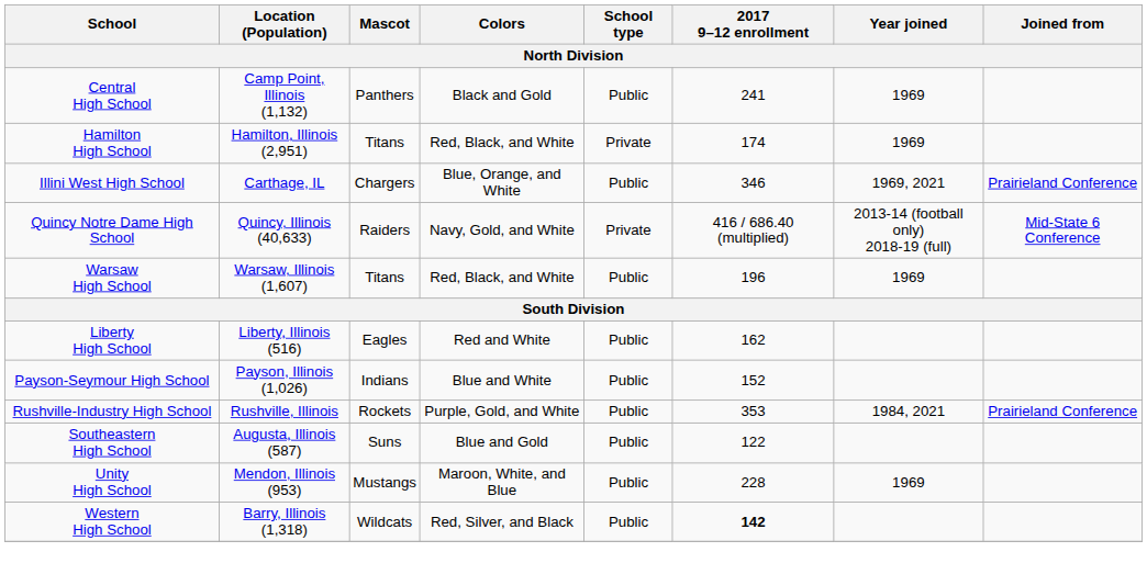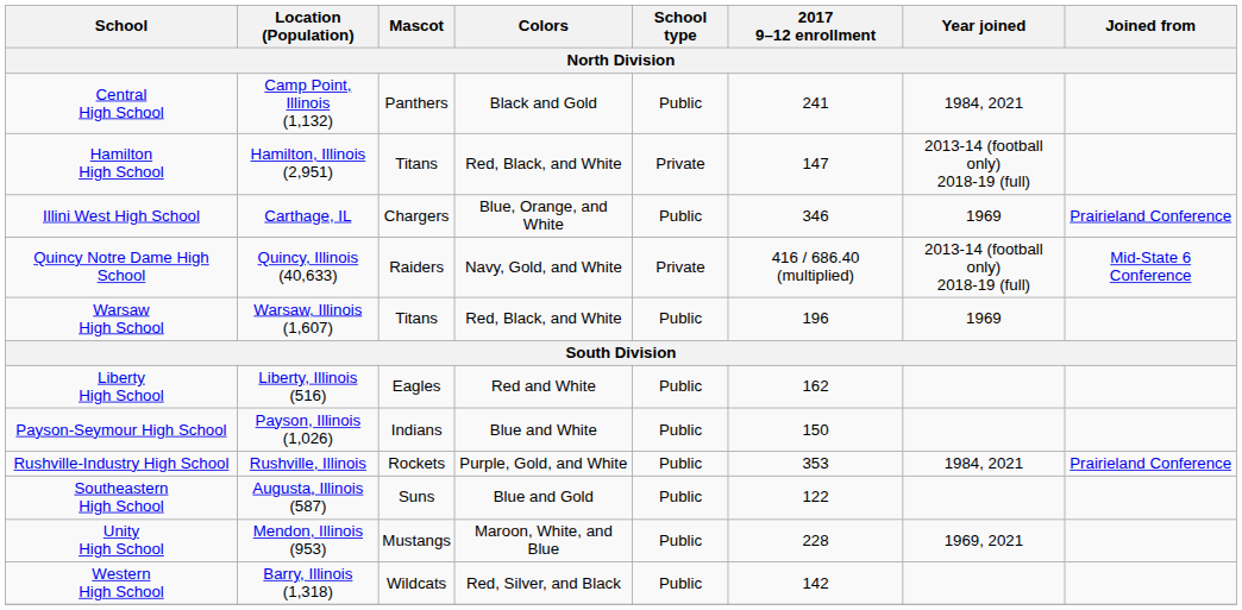 <table class="wikitable sortable" style="text-align:center;">
 <tr>
 <th>School</th>
 <th>Location<br>(Population)</th>
 <th>Mascot</th>
 <th>Colors</th>
 <th>School type</th>
 <th>2017<br>9–12 enrollment</th>
 <th>Year joined</th>
 <th>Joined from</th>
 </tr>
 <tr>
 <th colspan=11>North Division</th>
 </tr>
 <tr>
 <td><a href='#'>Central<br>High School</a></td>
 <td><a href='#'>Camp Point, Illinois</a><br>(1,132)</td>
 <td>Panthers</td>
 <td>Black and Gold<br> </td>
 <td>Public</td>
 <td>241</td>
-<td>1969</td>
+<td>1984, 2021</td>
 <td></td>
 </tr>
 <tr>
 <td><a href='#'>Hamilton<br>High School</a></td>
 <td><a href='#'>Hamilton, Illinois</a><br>(2,951)</td>
 <td>Titans</td>
 <td>Red, Black, and White<br>  </td>
 <td>Private</td>
-<td>174</td>
-<td>1969</td>
+<td>147</td>
+<td>2013-14 (football only)<br>2018-19 (full)</td>
 <td></td>
 </tr>
 <tr>
 <td><a href='#'>Illini West High School</a></td>
 <td><a href='#'>Carthage, IL</a></td>
 <td>Chargers</td>
 <td>Blue, Orange, and White<br>  </td>
 <td>Public</td>
 <td>346</td>
-<td>1969, 2021</td>
+<td>1969</td>
 <td><a href='#'>Prairieland Conference</a></td>
 </tr>
 <tr>
 <td><a href='#'>Quincy Notre Dame High School</a></td>
 <td><a href='#'>Quincy, Illinois</a><br>(40,633)</td>
 <td>Raiders</td>
 <td>Navy, Gold, and White<br>  </td>
 <td>Private</td>
 <td>416 / 686.40 (multiplied)</td>
 <td>2013-14 (football only)<br>2018-19 (full)</td>
 <td><a href='#'>Mid-State 6 Conference</a></td>
 </tr>
 <tr>
 <td><a href='#'>Warsaw<br>High School</a></td>
 <td><a href='#'>Warsaw, Illinois</a><br>(1,607)</td>
 <td>Titans</td>
 <td>Red, Black, and White<br>  </td>
 <td>Public</td>
 <td>196</td>
 <td>1969</td>
 <td></td>
 </tr>
 <tr>
 <th colspan=11>South Division</th>
 </tr>
 <tr>
 <td><a href='#'>Liberty<br>High School</a></td>
 <td><a href='#'>Liberty, Illinois</a><br>(516)</td>
 <td>Eagles</td>
 <td>Red and White<br> </td>
 <td>Public</td>
 <td>162</td>
 <td></td>
 <td></td>
 </tr>
 <tr>
 <td><a href='#'>Payson-Seymour High School</a></td>
 <td><a href='#'>Payson, Illinois</a><br>(1,026)</td>
 <td>Indians</td>
 <td>Blue and White<br> </td>
 <td>Public</td>
-<td>152</td>
+<td>150</td>
 <td></td>
 <td></td>
 </tr>
 <tr>
 <td><a href='#'>Rushville-Industry High School</a></td>
 <td><a href='#'>Rushville, Illinois</a></td>
 <td>Rockets</td>
 <td>Purple, Gold, and White<br>  </td>
 <td>Public</td>
 <td>353</td>
 <td>1984, 2021</td>
 <td><a href='#'>Prairieland Conference</a></td>
 </tr>
 <tr>
 <td><a href='#'>Southeastern<br>High School</a></td>
 <td><a href='#'>Augusta, Illinois</a><br>(587)</td>
 <td>Suns</td>
 <td>Blue and Gold<br> </td>
 <td>Public</td>
 <td>122</td>
 <td></td>
 <td></td>
 </tr>
 <tr>
 <td><a href='#'>Unity<br>High School</a></td>
 <td><a href='#'>Mendon, Illinois</a><br>(953)</td>
 <td>Mustangs</td>
 <td>Maroon, White, and Blue<br>  </td>
 <td>Public</td>
 <td>228</td>
-<td>1969</td>
+<td>1969, 2021</td>
 <td></td>
 </tr>
 <tr>
 <td><a href='#'>Western<br>High School</a></td>
 <td><a href='#'>Barry, Illinois</a><br>(1,318)</td>
 <td>Wildcats</td>
 <td>Red, Silver, and Black<br>  </td>
 <td>Public</td>
-<td><strong>142</strong></td>
+<td>142</td>
 <td></td>
 <td></td>
 </tr>
 <tr>
 </tr>
 </table>
